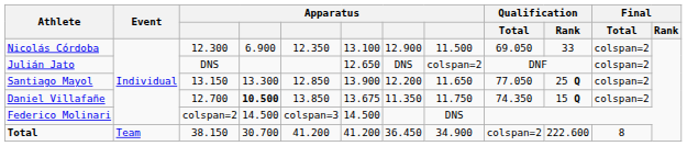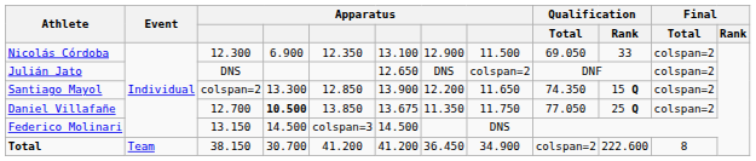 <table class="wikitable" style="font-size:90%">
 <tr>
 <th rowspan="2">Athlete</th>
 <th rowspan="2">Event</th>
 <th colspan = "6">Apparatus</th>
 <th colspan = "2">Qualification</th>
 <th colspan = "2">Final</th>
 </tr>
 <tr>
 <th></th>
 <th></th>
 <th></th>
 <th></th>
 <th></th>
 <th></th>
 <th>Total</th>
 <th>Rank</th>
 <th>Total</th>
 <th>Rank</th>
 </tr>
 <tr style="text-align:center">
 <td style="text-align:left"><a href='#'>Nicolás Córdoba</a></td>
 <td style="text-align:left;" rowspan="5"><a href='#'>Individual</a></td>
 <td>12.300</td>
 <td>6.900</td>
 <td>12.350</td>
 <td>13.100</td>
 <td>12.900</td>
 <td>11.500</td>
 <td>69.050</td>
 <td>33</td>
 <td>colspan=2 </td>
 </tr>
 <tr style="text-align:center">
 <td style="text-align:left"><a href='#'>Julián Jato</a></td>
 <td>DNS</td>
 <td></td>
 <td></td>
 <td>12.650</td>
 <td>DNS</td>
 <td>colspan=2 </td>
 <td colspan=2>DNF</td>
 <td>colspan=2 </td>
 </tr>
 <tr style="text-align:center">
 <td style="text-align:left"><a href='#'>Santiago Mayol</a></td>
-<td>13.150</td>
+<td>colspan=2 </td>
 <td>13.300</td>
 <td>12.850</td>
 <td>13.900</td>
 <td>12.200</td>
 <td>11.650</td>
-<td>77.050</td>
-<td>25 <strong>Q</strong></td>
+<td>74.350</td>
+<td>15 <strong>Q</strong></td>
 <td>colspan=2 </td>
 </tr>
 <tr style="text-align:center">
 <td style="text-align:left"><a href='#'>Daniel Villafañe</a></td>
 <td>12.700</td>
 <td><strong>10.500</strong></td>
 <td>13.850</td>
 <td>13.675</td>
 <td>11.350</td>
 <td>11.750</td>
-<td>74.350</td>
-<td>15 <strong>Q</strong></td>
+<td>77.050</td>
+<td>25 <strong>Q</strong></td>
 <td>colspan=2 </td>
 </tr>
 <tr style="text-align:center">
 <td style="text-align:left"><a href='#'>Federico Molinari</a></td>
-<td>colspan=2 </td>
+<td>13.150</td>
 <td>14.500</td>
 <td>colspan=3 </td>
 <td>14.500</td>
 <td></td>
 <td>DNS</td>
 </tr>
 <tr style="text-align:center">
 <td style="text-align:left"><strong>Total</strong></td>
 <td style="text-align:left;"><a href='#'>Team</a></td>
 <td>38.150</td>
 <td>30.700</td>
 <td>41.200</td>
 <td>41.200</td>
 <td>36.450</td>
 <td>34.900</td>
 <td>colspan=2 </td>
 <td>222.600</td>
 <td>8</td>
 </tr>
 </table>
